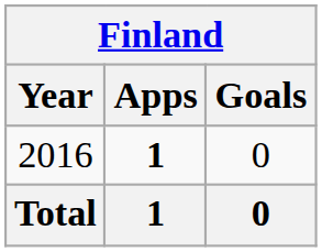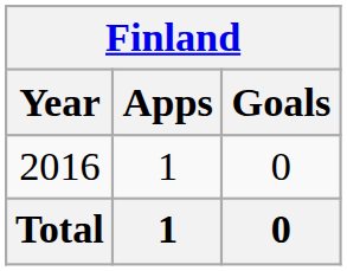 <table class="wikitable" style="text-align:center">
 <tr>
 <th colspan=3><a href='#'>Finland</a></th>
 </tr>
 <tr>
 <th>Year</th>
 <th>Apps</th>
 <th>Goals</th>
 </tr>
 <tr>
 <td>2016</td>
-<td><strong>1</strong></td>
+<td>1</td>
 <td>0</td>
 </tr>
 <tr>
 <th>Total</th>
 <th>1</th>
 <th>0</th>
 </tr>
 </table>
